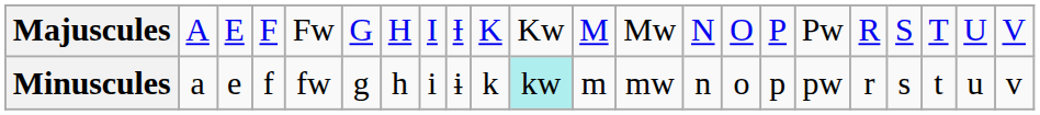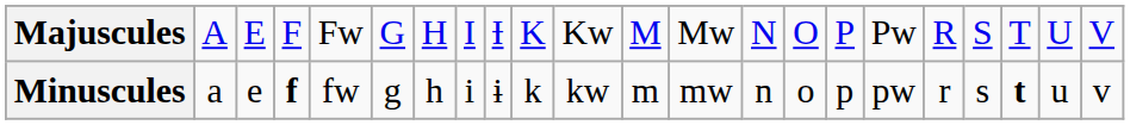 <table class="wikitable" style="text-align: center;">
 <tr>
 <th>Majuscules</th>
 <td><a href='#'>A</a></td>
 <td><a href='#'>E</a></td>
 <td><a href='#'>F</a></td>
 <td>Fw</td>
 <td><a href='#'>G</a></td>
 <td><a href='#'>H</a></td>
 <td><a href='#'>I</a></td>
 <td><a href='#'>Ɨ</a></td>
 <td><a href='#'>K</a></td>
 <td>Kw</td>
 <td><a href='#'>M</a></td>
 <td>Mw</td>
 <td><a href='#'>N</a></td>
 <td><a href='#'>O</a></td>
 <td><a href='#'>P</a></td>
 <td>Pw</td>
 <td><a href='#'>R</a></td>
 <td><a href='#'>S</a></td>
 <td><a href='#'>T</a></td>
 <td><a href='#'>U</a></td>
 <td><a href='#'>V</a></td>
 </tr>
 <tr>
 <th>Minuscules</th>
 <td>a</td>
 <td>e</td>
-<td>f</td>
+<td><strong>f</strong></td>
 <td>fw</td>
 <td>g</td>
 <td>h</td>
 <td>i</td>
 <td>ɨ</td>
 <td>k</td>
-<td style="background: paleturquoise;">kw</td>
+<td>kw</td>
 <td>m</td>
 <td>mw</td>
 <td>n</td>
 <td>o</td>
 <td>p</td>
 <td>pw</td>
 <td>r</td>
 <td>s</td>
-<td>t</td>
+<td><strong>t</strong></td>
 <td>u</td>
 <td>v</td>
 </tr>
 </table>
